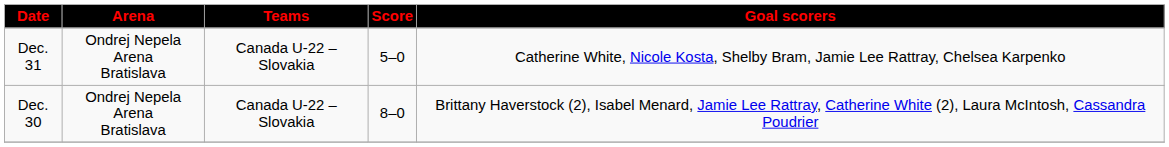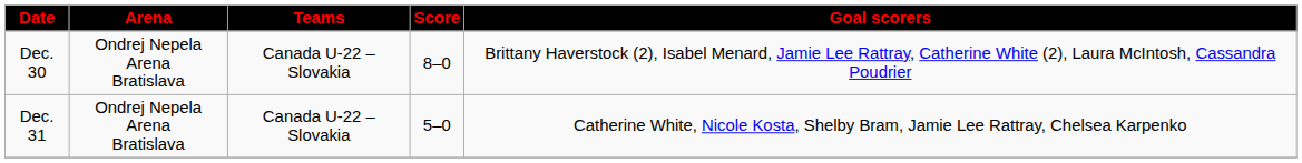 <table class="wikitable" style="text-align:center;">
 <tr>
 <th style="background:black; color:red;">Date</th>
 <th style="background:black; color:red;">Arena</th>
 <th style="background:black; color:red;">Teams</th>
 <th style="background:black; color:red;">Score</th>
 <th style="background:black; color:red;">Goal scorers</th>
 </tr>
 <tr>
+<td>Dec. 30</td>
+<td>Ondrej Nepela Arena<br>Bratislava</td>
+<td>Canada U-22 – Slovakia</td>
+<td>8–0</td>
+<td>Brittany Haverstock (2), Isabel Menard, <a href='#'>Jamie Lee Rattray</a>, <a href='#'>Catherine White</a> (2), Laura McIntosh, <a href='#'>Cassandra Poudrier</a></td>
+</tr>
+<tr>
 <td>Dec. 31</td>
 <td>Ondrej Nepela Arena<br>Bratislava</td>
 <td>Canada U-22 – Slovakia</td>
 <td>5–0</td>
 <td>Catherine White, <a href='#'>Nicole Kosta</a>, Shelby Bram, Jamie Lee Rattray, Chelsea Karpenko</td>
 </tr>
 <tr>
-<td>Dec. 30</td>
-<td>Ondrej Nepela Arena<br>Bratislava</td>
-<td>Canada U-22 – Slovakia</td>
-<td>8–0</td>
-<td>Brittany Haverstock (2), Isabel Menard, <a href='#'>Jamie Lee Rattray</a>, <a href='#'>Catherine White</a> (2), Laura McIntosh, <a href='#'>Cassandra Poudrier</a></td>
-</tr>
-<tr>
 </tr>
 </table>
